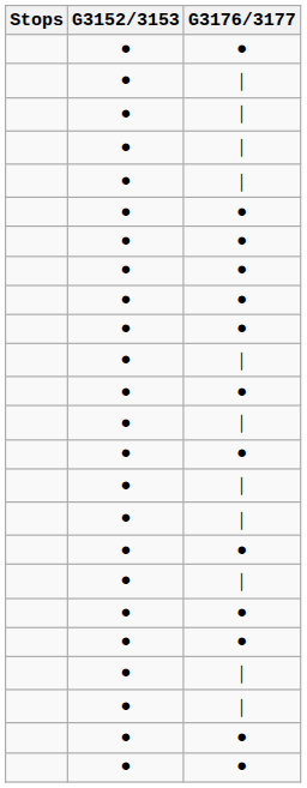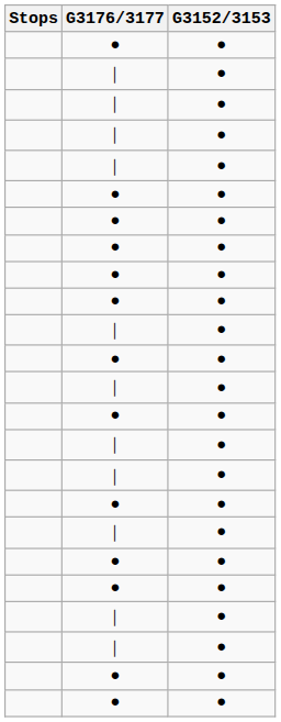 <table class="wikitable" style="text-align: center">
 <tr>
 <th>Stops</th>
+<th>G3176/3177</th>
 <th>G3152/3153</th>
-<th>G3176/3177</th>
 </tr>
 <tr>
 <td></td>
 <td>●</td>
 <td>●</td>
 </tr>
 <tr>
 <td></td>
+<td>｜</td>
 <td>●</td>
-<td>｜</td>
 </tr>
 <tr>
 <td></td>
+<td>｜</td>
 <td>●</td>
-<td>｜</td>
 </tr>
 <tr>
 <td></td>
+<td>｜</td>
 <td>●</td>
-<td>｜</td>
 </tr>
 <tr>
 <td></td>
+<td>｜</td>
 <td>●</td>
-<td>｜</td>
 </tr>
 <tr>
 <td></td>
 <td>●</td>
 <td>●</td>
 </tr>
 <tr>
 <td></td>
 <td>●</td>
 <td>●</td>
 </tr>
 <tr>
 <td></td>
 <td>●</td>
 <td>●</td>
 </tr>
 <tr>
 <td></td>
 <td>●</td>
 <td>●</td>
 </tr>
 <tr>
 <td></td>
 <td>●</td>
 <td>●</td>
 </tr>
 <tr>
 <td></td>
+<td>｜</td>
 <td>●</td>
-<td>｜</td>
 </tr>
 <tr>
 <td></td>
 <td>●</td>
 <td>●</td>
 </tr>
 <tr>
 <td></td>
+<td>｜</td>
 <td>●</td>
-<td>｜</td>
 </tr>
 <tr>
 <td></td>
 <td>●</td>
 <td>●</td>
 </tr>
 <tr>
 <td></td>
+<td>｜</td>
 <td>●</td>
-<td>｜</td>
 </tr>
 <tr>
 <td></td>
+<td>｜</td>
 <td>●</td>
-<td>｜</td>
 </tr>
 <tr>
 <td></td>
 <td>●</td>
 <td>●</td>
 </tr>
 <tr>
 <td></td>
+<td>｜</td>
 <td>●</td>
-<td>｜</td>
 </tr>
 <tr>
 <td></td>
 <td>●</td>
 <td>●</td>
 </tr>
 <tr>
 <td></td>
 <td>●</td>
 <td>●</td>
 </tr>
 <tr>
 <td></td>
+<td>｜</td>
 <td>●</td>
-<td>｜</td>
 </tr>
 <tr>
 <td></td>
+<td>｜</td>
 <td>●</td>
-<td>｜</td>
 </tr>
 <tr>
 <td></td>
 <td>●</td>
 <td>●</td>
 </tr>
 <tr>
 <td></td>
 <td>●</td>
 <td>●</td>
 </tr>
 </table>
